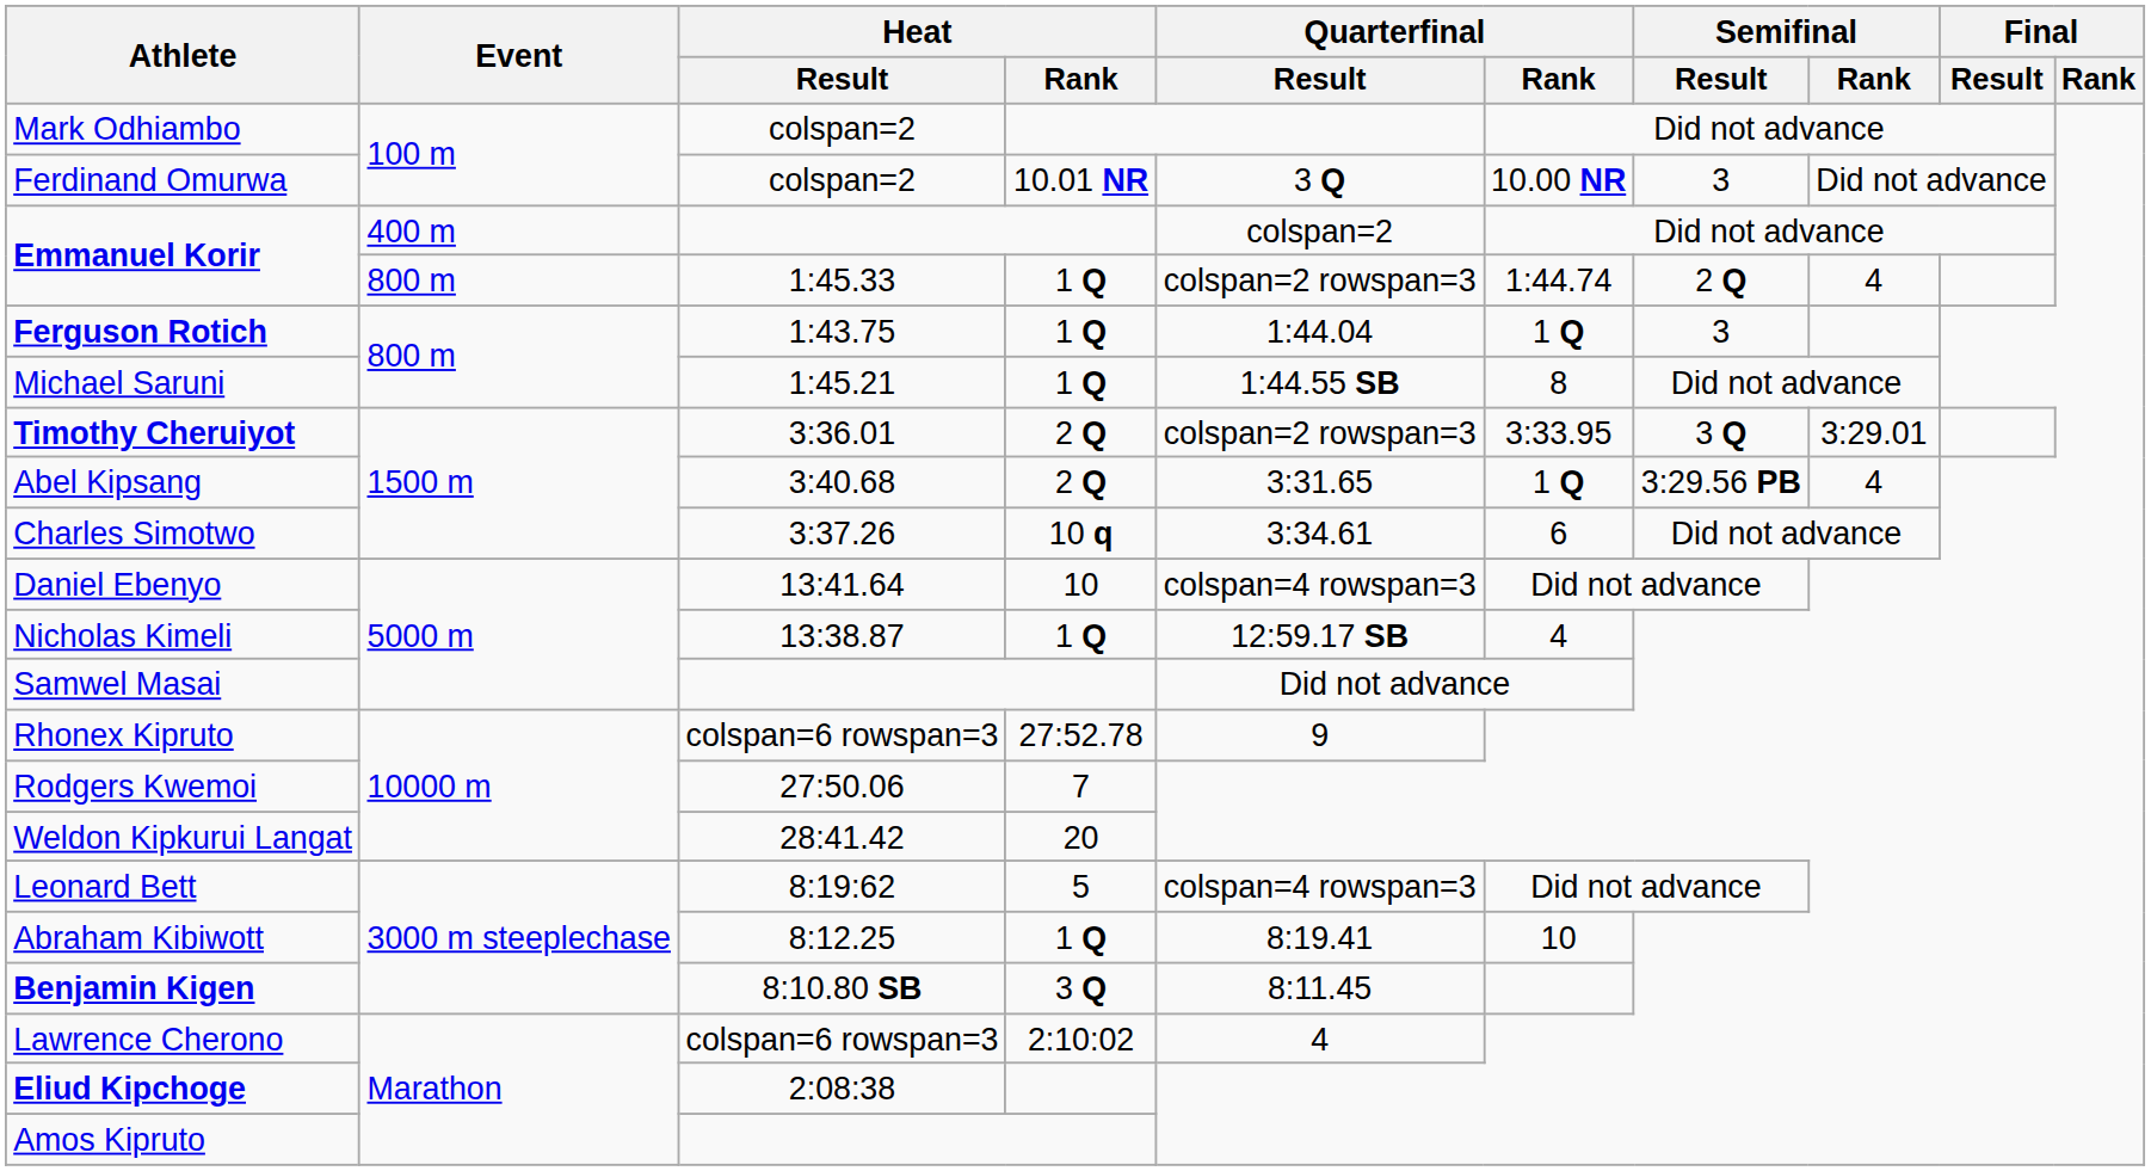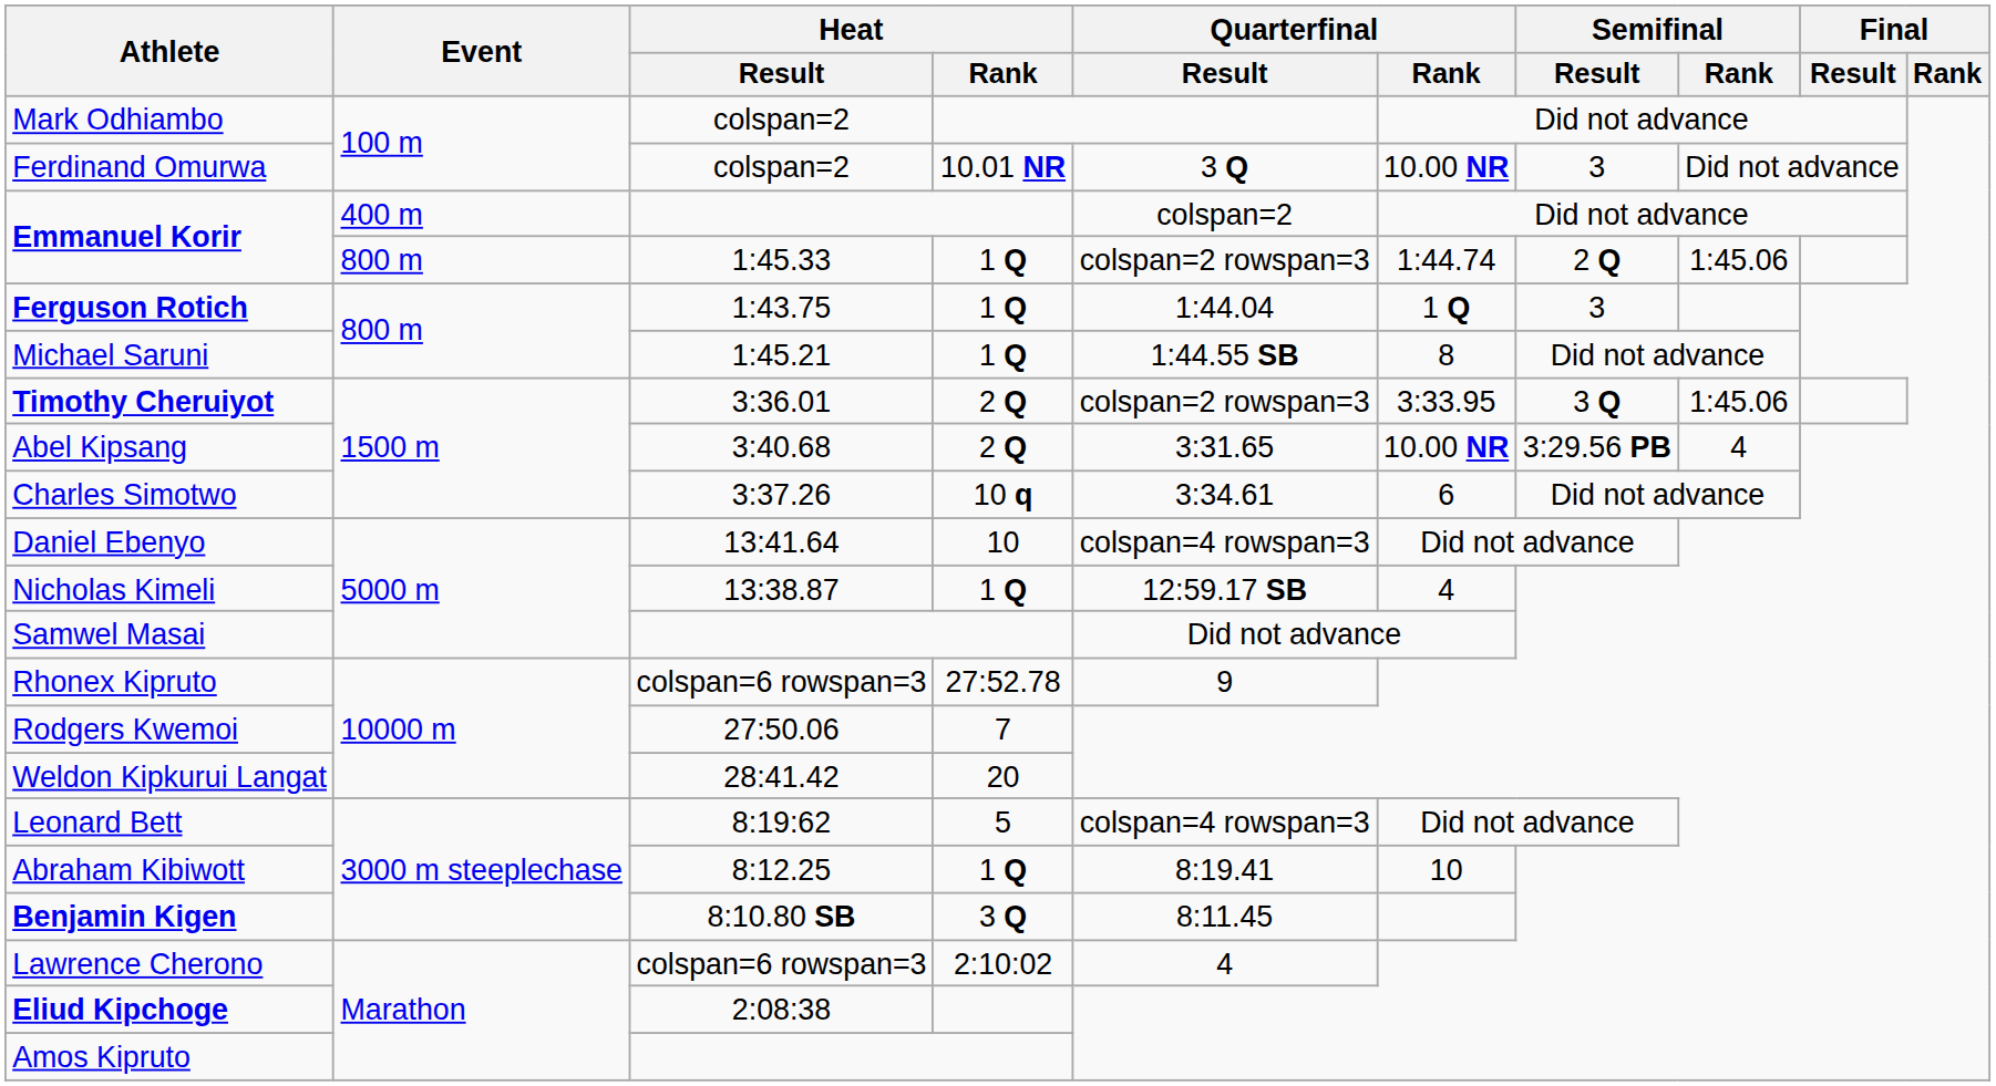 <table class="wikitable" style="font-size:90%">
 <tr>
 <th rowspan="2">Athlete</th>
 <th rowspan="2">Event</th>
 <th colspan="2">Heat</th>
 <th colspan="2">Quarterfinal</th>
 <th colspan="2">Semifinal</th>
 <th colspan="2">Final</th>
 </tr>
 <tr style="font-size:95%">
 <th>Result</th>
 <th>Rank</th>
 <th>Result</th>
 <th>Rank</th>
 <th>Result</th>
 <th>Rank</th>
 <th>Result</th>
 <th>Rank</th>
 </tr>
 <tr align=center>
 <td align=left><a href='#'>Mark Odhiambo</a></td>
 <td align=left rowspan=2><a href='#'>100 m</a></td>
 <td>colspan=2 </td>
 <td colspan=2></td>
 <td colspan=4>Did not advance</td>
 </tr>
 <tr align=center>
 <td align=left><a href='#'>Ferdinand Omurwa</a></td>
 <td>colspan=2 </td>
 <td>10.01 <strong><a href='#'>NR</a></strong></td>
 <td>3 <strong>Q</strong></td>
 <td>10.00 <strong><a href='#'>NR</a></strong></td>
 <td>3</td>
 <td colspan="2">Did not advance</td>
 </tr>
 <tr align=center>
 <td align=left rowspan=2><strong><a href='#'>Emmanuel Korir</a></strong></td>
 <td align=left><a href='#'>400 m</a></td>
 <td colspan=2></td>
 <td>colspan=2 </td>
 <td colspan=4>Did not advance</td>
 </tr>
 <tr align=center>
 <td align=left><a href='#'>800 m</a></td>
 <td>1:45.33</td>
 <td>1 <strong>Q</strong></td>
 <td>colspan=2 rowspan=3 </td>
 <td>1:44.74</td>
 <td>2 <strong>Q</strong></td>
-<td>4</td>
+<td>1:45.06</td>
 <td></td>
 </tr>
 <tr align=center>
 <td align=left><strong><a href='#'>Ferguson Rotich</a></strong></td>
 <td align=left rowspan=2><a href='#'>800 m</a></td>
 <td>1:43.75</td>
 <td>1 <strong>Q</strong></td>
 <td>1:44.04</td>
 <td>1 <strong>Q</strong></td>
 <td>3</td>
 <td></td>
 </tr>
 <tr align=center>
 <td align=left><a href='#'>Michael Saruni</a></td>
 <td>1:45.21</td>
 <td>1 <strong>Q</strong></td>
 <td>1:44.55 <strong>SB</strong></td>
 <td>8</td>
 <td colspan="2">Did not advance</td>
 </tr>
 <tr align=center>
 <td align=left><strong><a href='#'>Timothy Cheruiyot</a></strong></td>
 <td align=left rowspan=3><a href='#'>1500 m</a></td>
 <td>3:36.01</td>
 <td>2 <strong>Q</strong></td>
 <td>colspan=2 rowspan=3 </td>
 <td>3:33.95</td>
 <td>3 <strong>Q</strong></td>
-<td>3:29.01</td>
+<td>1:45.06</td>
 <td></td>
 </tr>
 <tr align=center>
 <td align=left><a href='#'>Abel Kipsang</a></td>
 <td>3:40.68</td>
 <td>2 <strong>Q</strong></td>
 <td>3:31.65 </td>
-<td>1 <strong>Q</strong></td>
+<td>10.00 <strong><a href='#'>NR</a></strong></td>
 <td>3:29.56 <strong>PB</strong></td>
 <td>4</td>
 </tr>
 <tr align=center>
 <td align=left><a href='#'>Charles Simotwo</a></td>
 <td>3:37.26</td>
 <td>10 <strong>q</strong></td>
 <td>3:34.61</td>
 <td>6</td>
 <td colspan=2>Did not advance</td>
 </tr>
 <tr align=center>
 <td align=left><a href='#'>Daniel Ebenyo</a></td>
 <td align=left rowspan=3><a href='#'>5000 m</a></td>
 <td>13:41.64</td>
 <td>10</td>
 <td>colspan=4 rowspan=3 </td>
 <td colspan=2>Did not advance</td>
 </tr>
 <tr align=center>
 <td align=left><a href='#'>Nicholas Kimeli</a></td>
 <td>13:38.87</td>
 <td>1 <strong>Q</strong></td>
 <td>12:59.17 <strong>SB</strong></td>
 <td>4</td>
 </tr>
 <tr align=center>
 <td align=left><a href='#'>Samwel Masai</a></td>
 <td colspan=2></td>
 <td colspan=2>Did not advance</td>
 </tr>
 <tr align=center>
 <td align=left><a href='#'>Rhonex Kipruto</a></td>
 <td align=left rowspan=3><a href='#'>10000 m</a></td>
 <td>colspan=6 rowspan=3 </td>
 <td>27:52.78</td>
 <td>9</td>
 </tr>
 <tr align=center>
 <td align=left><a href='#'>Rodgers Kwemoi</a></td>
 <td>27:50.06</td>
 <td>7</td>
 </tr>
 <tr align=center>
 <td align=left><a href='#'>Weldon Kipkurui Langat</a></td>
 <td>28:41.42</td>
 <td>20</td>
 </tr>
 <tr align=center>
 <td align=left><a href='#'>Leonard Bett</a></td>
 <td align=left rowspan=3><a href='#'>3000 m steeplechase</a></td>
 <td>8:19:62</td>
 <td>5</td>
 <td>colspan=4 rowspan=3 </td>
 <td colspan=2>Did not advance</td>
 </tr>
 <tr align=center>
 <td align=left><a href='#'>Abraham Kibiwott</a></td>
 <td>8:12.25</td>
 <td>1 <strong>Q</strong></td>
 <td>8:19.41</td>
 <td>10</td>
 </tr>
 <tr align=center>
 <td align=left><strong><a href='#'>Benjamin Kigen</a></strong></td>
 <td>8:10.80 <strong>SB</strong></td>
 <td>3 <strong>Q</strong></td>
 <td>8:11.45</td>
 <td></td>
 </tr>
 <tr align=center>
 <td align=left><a href='#'>Lawrence Cherono</a></td>
 <td align=left rowspan=3><a href='#'>Marathon</a></td>
 <td>colspan=6 rowspan=3 </td>
 <td>2:10:02</td>
 <td>4</td>
 </tr>
 <tr align=center>
 <td align=left><strong><a href='#'>Eliud Kipchoge</a></strong></td>
 <td>2:08:38</td>
 <td></td>
 </tr>
 <tr align=center>
 <td align=left><a href='#'>Amos Kipruto</a></td>
 <td colspan=2></td>
 </tr>
 </table>
